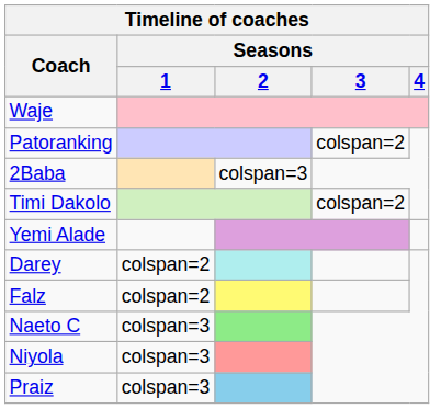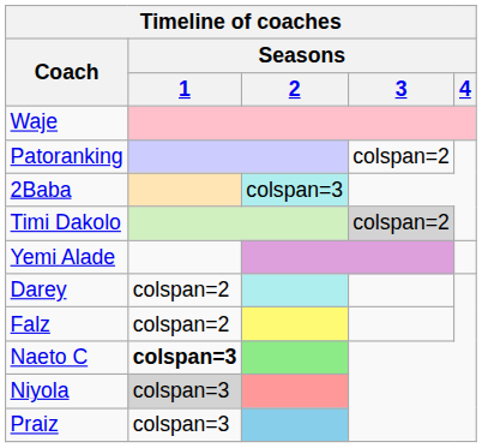 <table class="wikitable plainrowheaders collapsible mw-collapsible" style="width:30%">
 <tr>
 <th colspan=5>Timeline of coaches</th>
 </tr>
 <tr>
 <th rowspan=2 style="width:20%;">Coach</th>
 <th colspan=4>Seasons</th>
 </tr>
 <tr>
 <th style="width:6%;"><a href='#'>1</a></th>
 <th style="width:6%;"><a href='#'>2</a></th>
 <th style="width:6%;"><a href='#'>3</a></th>
 <th style="width:6%;"><a href='#'>4</a></th>
 </tr>
 <tr>
 <td><a href='#'>Waje</a></td>
 <td colspan=4 bgcolor="pink"></td>
 </tr>
 <tr>
 <td><a href='#'>Patoranking</a></td>
 <td colspan=2 bgcolor="#ccf"></td>
 <td>colspan=2 </td>
 </tr>
 <tr>
 <td><a href='#'>2Baba</a></td>
 <td bgcolor="#ffe5b4"></td>
-<td>colspan=3 </td>
+<td style="background: paleturquoise;">colspan=3 </td>
 </tr>
 <tr>
 <td><a href='#'>Timi Dakolo</a></td>
 <td colspan=2 bgcolor="#d0f0c0"></td>
-<td>colspan=2 </td>
+<td style="background: lightgrey;">colspan=2 </td>
 </tr>
 <tr>
 <td><a href='#'>Yemi Alade</a></td>
 <td></td>
 <td colspan=2 bgcolor="#dda0dd"></td>
 <td></td>
 </tr>
 <tr>
 <td><a href='#'>Darey</a></td>
 <td>colspan=2 </td>
 <td bgcolor="#afeeee"></td>
 <td></td>
 </tr>
 <tr>
 <td><a href='#'>Falz</a></td>
 <td>colspan=2 </td>
 <td bgcolor="#fffa73"></td>
 <td></td>
 </tr>
 <tr>
 <td><a href='#'>Naeto C</a></td>
-<td>colspan=3 </td>
+<td><strong>colspan=3 </strong></td>
 <td bgcolor="#8deb87"></td>
 </tr>
 <tr>
 <td><a href='#'>Niyola</a></td>
-<td>colspan=3 </td>
+<td style="background: lightgrey;">colspan=3 </td>
 <td bgcolor="#ff9999"></td>
 </tr>
 <tr>
 <td><a href='#'>Praiz</a></td>
 <td>colspan=3 </td>
 <td bgcolor="#87ceeb"></td>
 </tr>
 <tr>
 </tr>
 </table>
